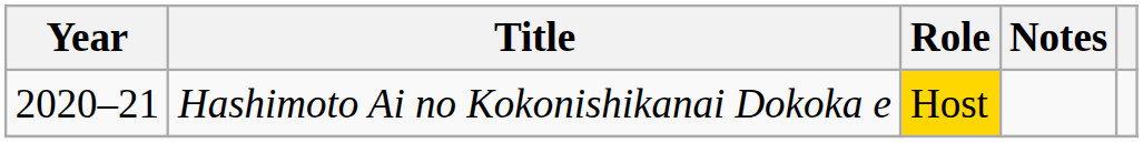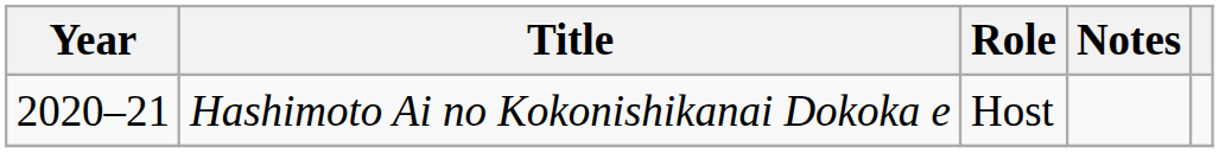 <table class="wikitable">
 <tr>
 <th>Year</th>
 <th>Title</th>
 <th>Role</th>
 <th>Notes</th>
 <th></th>
 </tr>
 <tr>
 <td>2020–21</td>
 <td><em>Hashimoto Ai no Kokonishikanai Dokoka e</em></td>
-<td style="background: gold;">Host</td>
+<td>Host</td>
 <td></td>
 <td></td>
 </tr>
 <tr>
 </tr>
 </table>
